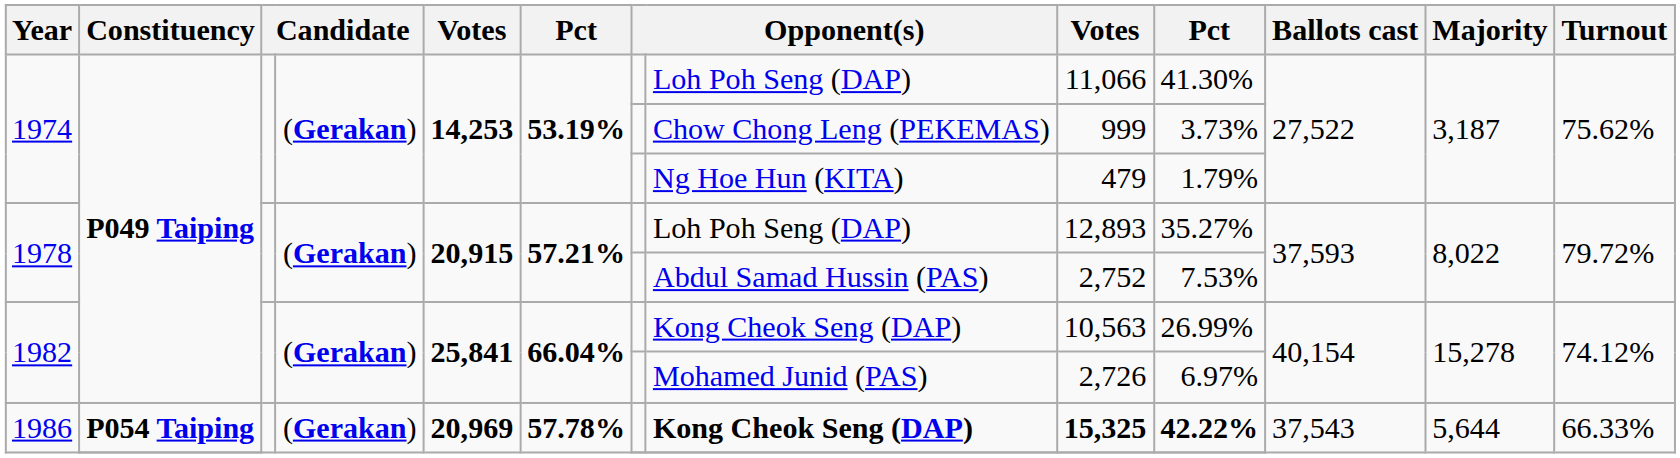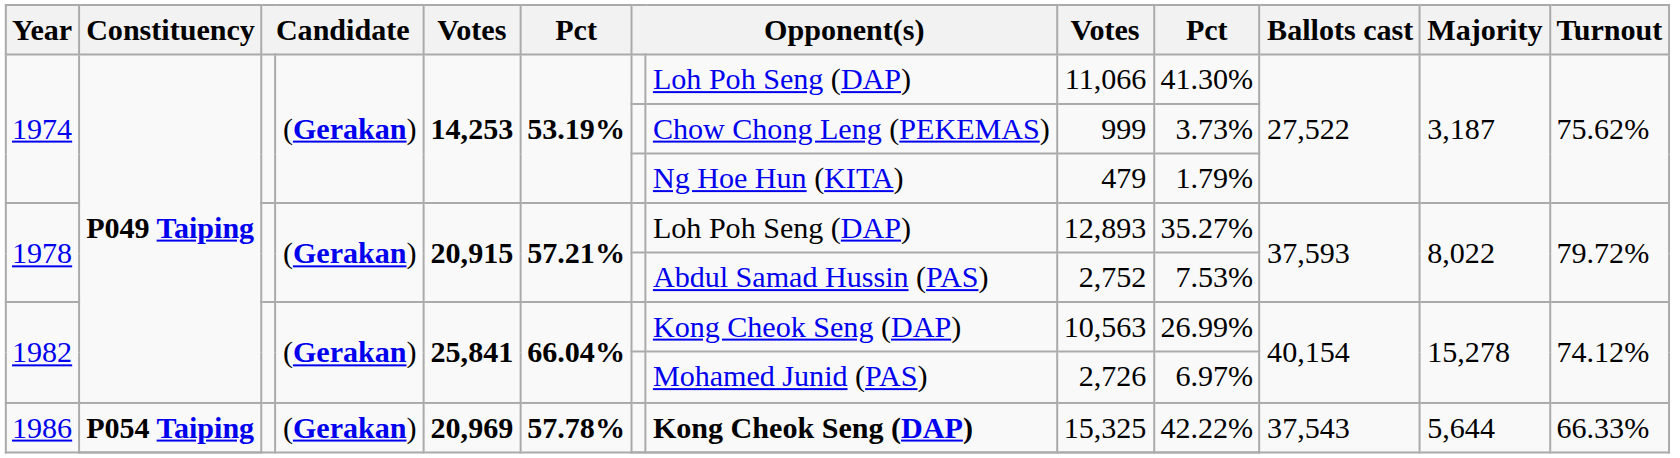 <table class="wikitable" style="margin:0.5em ; font-size:95%">
 <tr>
 <th>Year</th>
 <th>Constituency</th>
 <th colspan=2>Candidate</th>
 <th>Votes</th>
 <th>Pct</th>
 <th colspan=2>Opponent(s)</th>
 <th>Votes</th>
 <th>Pct</th>
 <th>Ballots cast</th>
 <th>Majority</th>
 <th>Turnout</th>
 </tr>
 <tr>
 <td rowspan=3><a href='#'>1974</a></td>
 <td rowspan=7><strong>P049 <a href='#'>Taiping</a></strong></td>
 <td rowspan=3 ></td>
 <td rowspan=3> (<a href='#'><strong>Gerakan</strong></a>)</td>
 <td rowspan=3 align="right"><strong>14,253</strong></td>
 <td rowspan=3><strong>53.19%</strong></td>
 <td></td>
 <td><a href='#'>Loh Poh Seng</a> (<a href='#'>DAP</a>)</td>
 <td align="right">11,066</td>
 <td>41.30%</td>
 <td rowspan=3>27,522</td>
 <td rowspan=3>3,187</td>
 <td rowspan=3>75.62%</td>
 </tr>
 <tr>
 <td></td>
 <td><a href='#'>Chow Chong Leng</a> (<a href='#'>PEKEMAS</a>)</td>
 <td align="right">999</td>
 <td align="right">3.73%</td>
 </tr>
 <tr>
 <td></td>
 <td><a href='#'>Ng Hoe Hun</a> (<a href='#'>KITA</a>)</td>
 <td align="right">479</td>
 <td align="right">1.79%</td>
 </tr>
 <tr>
 <td rowspan=2><a href='#'>1978</a></td>
 <td rowspan=2 ></td>
 <td rowspan=2> (<a href='#'><strong>Gerakan</strong></a>)</td>
 <td rowspan=2 align="right"><strong>20,915</strong></td>
 <td rowspan=2><strong>57.21%</strong></td>
 <td></td>
 <td>Loh Poh Seng (<a href='#'>DAP</a>)</td>
 <td align="right">12,893</td>
 <td>35.27%</td>
 <td rowspan=2>37,593</td>
 <td rowspan=2>8,022</td>
 <td rowspan=2>79.72%</td>
 </tr>
 <tr>
 <td></td>
 <td><a href='#'>Abdul Samad Hussin</a> (<a href='#'>PAS</a>)</td>
 <td align="right">2,752</td>
 <td align="right">7.53%</td>
 </tr>
 <tr>
 <td rowspan=2><a href='#'>1982</a></td>
 <td rowspan=2 ></td>
 <td rowspan=2> (<a href='#'><strong>Gerakan</strong></a>)</td>
 <td rowspan=2 align="right"><strong>25,841</strong></td>
 <td rowspan=2><strong>66.04%</strong></td>
 <td></td>
 <td><a href='#'>Kong Cheok Seng</a> (<a href='#'>DAP</a>)</td>
 <td align="right">10,563</td>
 <td>26.99%</td>
 <td rowspan=2>40,154</td>
 <td rowspan=2>15,278</td>
 <td rowspan=2>74.12%</td>
 </tr>
 <tr>
 <td></td>
 <td><a href='#'>Mohamed Junid</a> (<a href='#'>PAS</a>)</td>
 <td align="right">2,726</td>
 <td align="right">6.97%</td>
 </tr>
 <tr>
 <td rowspan=2><a href='#'>1986</a></td>
 <td><strong>P054 <a href='#'>Taiping</a></strong></td>
 <td rowspan=2 ></td>
 <td rowspan=2> (<a href='#'><strong>Gerakan</strong></a>)</td>
 <td rowspan=2 align=right><strong>20,969</strong></td>
 <td rowspan=2><strong>57.78%</strong></td>
 <td></td>
 <td><strong>Kong Cheok Seng (<a href='#'>DAP</a>)</strong></td>
-<td align="right"><strong>15,325</strong></td>
-<td><strong>42.22%</strong></td>
+<td align="right">15,325</td>
+<td>42.22%</td>
 <td rowspan=2>37,543</td>
 <td rowspan=2>5,644</td>
 <td rowspan=2>66.33%</td>
 </tr>
 <tr>
 </tr>
 </table>
